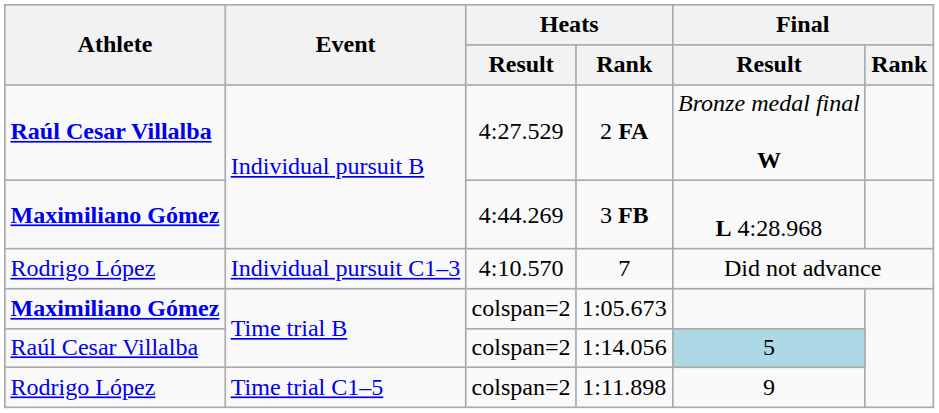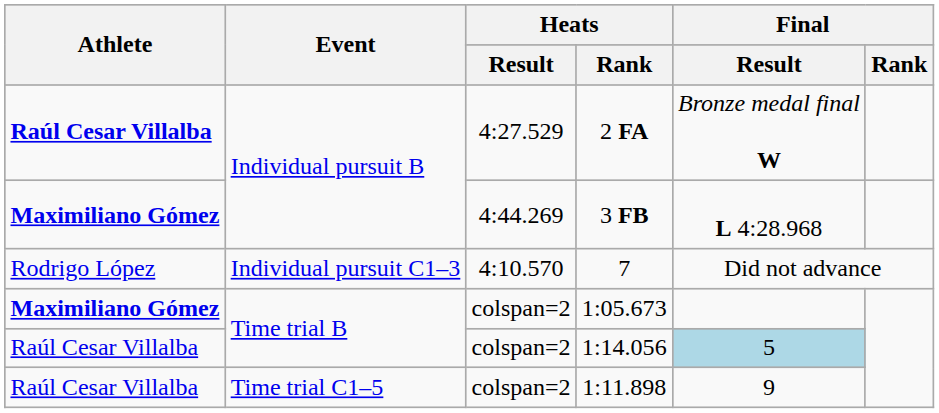 <table class=wikitable style="font-size:90%">
 <tr>
 <th rowspan="2">Athlete</th>
 <th rowspan="2">Event</th>
 <th colspan="2">Heats</th>
 <th colspan="2">Final</th>
 </tr>
 <tr>
 <th>Result</th>
 <th>Rank</th>
 <th>Result</th>
 <th>Rank</th>
 </tr>
 <tr align=center>
 <td align=left><strong><a href='#'>Raúl Cesar Villalba</a></strong></td>
 <td align=left rowspan=2><a href='#'>Individual pursuit B</a></td>
 <td>4:27.529</td>
 <td>2 <strong>FA</strong></td>
 <td><em>Bronze medal final</em><br><br><strong>W</strong> </td>
 <td></td>
 </tr>
 <tr align=center>
 <td align=left><strong><a href='#'>Maximiliano Gómez</a></strong></td>
 <td>4:44.269</td>
 <td>3 <strong>FB</strong></td>
 <td><br><strong>L</strong> 4:28.968</td>
 <td></td>
 </tr>
 <tr align=center>
 <td align=left><a href='#'>Rodrigo López</a></td>
 <td align=left><a href='#'>Individual pursuit C1–3</a></td>
 <td>4:10.570</td>
 <td>7</td>
 <td colspan=2>Did not advance</td>
 </tr>
 <tr align=center>
 <td align=left><strong><a href='#'>Maximiliano Gómez</a></strong></td>
 <td align=left rowspan=2><a href='#'>Time trial B</a></td>
 <td>colspan=2 </td>
 <td>1:05.673</td>
 <td></td>
 </tr>
 <tr align=center>
 <td align=left><a href='#'>Raúl Cesar Villalba</a></td>
 <td>colspan=2 </td>
 <td>1:14.056</td>
 <td style="background: lightblue;">5</td>
 </tr>
 <tr align=center>
-<td align=left><a href='#'>Rodrigo López</a></td>
+<td align=left><a href='#'>Raúl Cesar Villalba</a></td>
 <td align=left><a href='#'>Time trial C1–5</a></td>
 <td>colspan=2 </td>
 <td>1:11.898</td>
 <td>9</td>
 </tr>
 </table>
